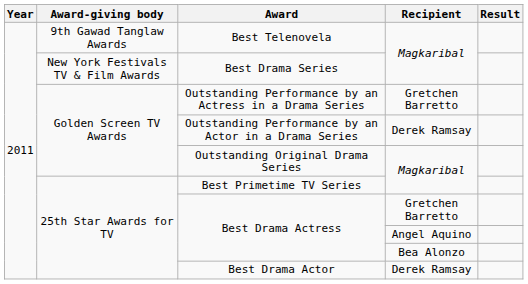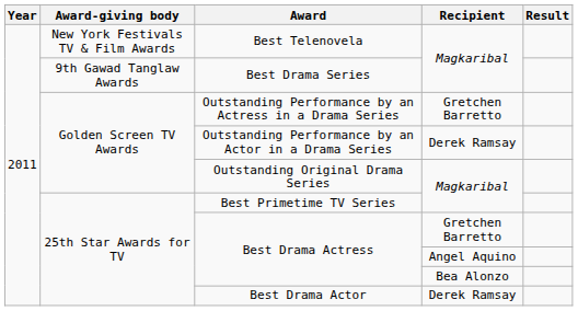 <table class="wikitable" style="fontsize: 85%; width=90%; text-align:center;">
 <tr>
 <th>Year</th>
 <th>Award-giving body</th>
 <th>Award</th>
 <th>Recipient</th>
 <th>Result</th>
 </tr>
 <tr>
 <td rowspan=10>2011</td>
-<td>9th Gawad Tanglaw Awards</td>
+<td>New York Festivals TV & Film Awards</td>
 <td>Best Telenovela</td>
 <td rowspan=2><em>Magkaribal</em></td>
 <td></td>
 </tr>
 <tr>
-<td>New York Festivals TV & Film Awards</td>
+<td>9th Gawad Tanglaw Awards</td>
 <td>Best Drama Series</td>
 <td></td>
 </tr>
 <tr>
 <td rowspan=3>Golden Screen TV Awards</td>
 <td>Outstanding Performance by an Actress in a Drama Series</td>
 <td>Gretchen Barretto</td>
 <td></td>
 </tr>
 <tr>
 <td>Outstanding Performance by an Actor in a Drama Series</td>
 <td>Derek Ramsay</td>
 <td></td>
 </tr>
 <tr>
 <td>Outstanding Original Drama Series</td>
 <td rowspan=2><em>Magkaribal</em></td>
 <td></td>
 </tr>
 <tr>
 <td rowspan=5>25th Star Awards for TV</td>
 <td>Best Primetime TV Series</td>
 <td></td>
 </tr>
 <tr>
 <td rowspan="3">Best Drama Actress</td>
 <td>Gretchen Barretto</td>
 <td></td>
 </tr>
 <tr>
 <td>Angel Aquino</td>
 <td></td>
 </tr>
 <tr>
 <td>Bea Alonzo</td>
 <td></td>
 </tr>
 <tr>
 <td>Best Drama Actor</td>
 <td>Derek Ramsay</td>
 <td></td>
 </tr>
 </table>
